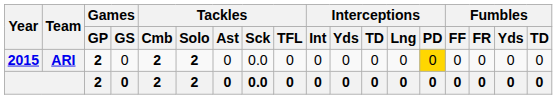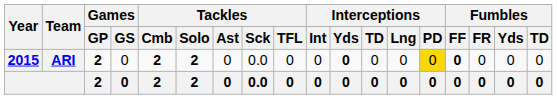 <table class="wikitable" style="text-align:center">
 <tr>
 <th rowspan="2">Year</th>
 <th rowspan="2">Team</th>
 <th colspan="2">Games</th>
 <th colspan="5">Tackles</th>
 <th colspan="5">Interceptions</th>
 <th colspan="4">Fumbles</th>
 </tr>
 <tr>
 <th>GP</th>
 <th>GS</th>
 <th>Cmb</th>
 <th>Solo</th>
 <th>Ast</th>
 <th>Sck</th>
 <th>TFL</th>
 <th>Int</th>
 <th>Yds</th>
 <th>TD</th>
 <th>Lng</th>
 <th>PD</th>
 <th>FF</th>
 <th>FR</th>
 <th>Yds</th>
 <th>TD</th>
 </tr>
 <tr>
 <th><a href='#'>2015</a></th>
 <th><a href='#'>ARI</a></th>
 <td><strong>2</strong></td>
 <td>0</td>
 <td><strong>2</strong></td>
 <td><strong>2</strong></td>
 <td>0</td>
 <td>0.0</td>
 <td>0</td>
 <td>0</td>
-<td>0</td>
+<td><strong>0</strong></td>
 <td>0</td>
 <td>0</td>
 <td style="background: gold;">0</td>
-<td>0</td>
+<td><strong>0</strong></td>
 <td>0</td>
 <td>0</td>
 <td>0</td>
 </tr>
 <tr>
 <th colspan="2"></th>
 <th>2</th>
 <th>0</th>
 <th>2</th>
 <th>2</th>
 <th>0</th>
 <th>0.0</th>
 <th>0</th>
 <th>0</th>
 <th>0</th>
 <th>0</th>
 <th>0</th>
 <th>0</th>
 <th>0</th>
 <th>0</th>
 <th>0</th>
 <th>0</th>
 </tr>
 </table>
